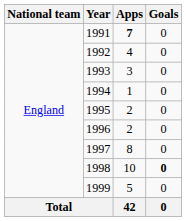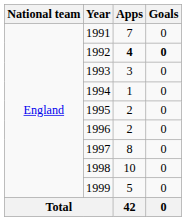 <table class="wikitable" style="text-align:center">
 <tr>
 <th>National team</th>
 <th>Year</th>
 <th>Apps</th>
 <th>Goals</th>
 </tr>
 <tr>
 <td rowspan="9"><a href='#'>England</a></td>
 <td>1991</td>
-<td><strong>7</strong></td>
+<td>7</td>
 <td>0</td>
 </tr>
 <tr>
 <td>1992</td>
-<td>4</td>
-<td>0</td>
+<td><strong>4</strong></td>
+<td><strong>0</strong></td>
 </tr>
 <tr>
 <td>1993</td>
 <td>3</td>
 <td>0</td>
 </tr>
 <tr>
 <td>1994</td>
 <td>1</td>
 <td>0</td>
 </tr>
 <tr>
 <td>1995</td>
 <td>2</td>
 <td>0</td>
 </tr>
 <tr>
 <td>1996</td>
 <td>2</td>
 <td>0</td>
 </tr>
 <tr>
 <td>1997</td>
 <td>8</td>
 <td>0</td>
 </tr>
 <tr>
 <td>1998</td>
 <td>10</td>
-<td><strong>0</strong></td>
+<td>0</td>
 </tr>
 <tr>
 <td>1999</td>
 <td>5</td>
 <td>0</td>
 </tr>
 <tr>
 <th colspan="2">Total</th>
 <th>42</th>
 <th>0</th>
 </tr>
 </table>
